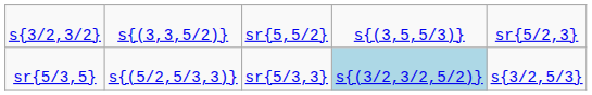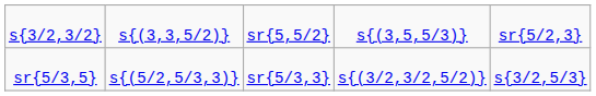 <table class=wikitable>
 <tr align=center valign=top>
 <td><br><a href='#'>s{3/2,3/2}</a><br></td>
 <td><br><a href='#'>s{(3,3,5/2)}</a><br></td>
 <td><br><a href='#'>sr{5,5/2}</a><br></td>
 <td><br><a href='#'>s{(3,5,5/3)}</a><br></td>
 <td><br><a href='#'>sr{5/2,3}</a><br></td>
 </tr>
 <tr align=center valign=top>
 <td><br><a href='#'>sr{5/3,5}</a><br></td>
 <td><br><a href='#'>s{(5/2,5/3,3)}</a><br></td>
 <td><br><a href='#'>sr{5/3,3}</a><br></td>
-<td style="background: lightblue;"><br><a href='#'>s{(3/2,3/2,5/2)}</a></td>
+<td><br><a href='#'>s{(3/2,3/2,5/2)}</a></td>
 <td><br><a href='#'>s{3/2,5/3}</a><br></td>
 </tr>
 </table>
